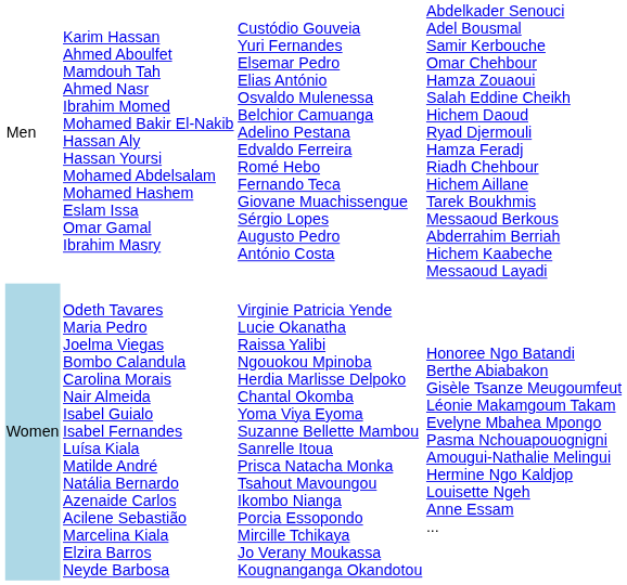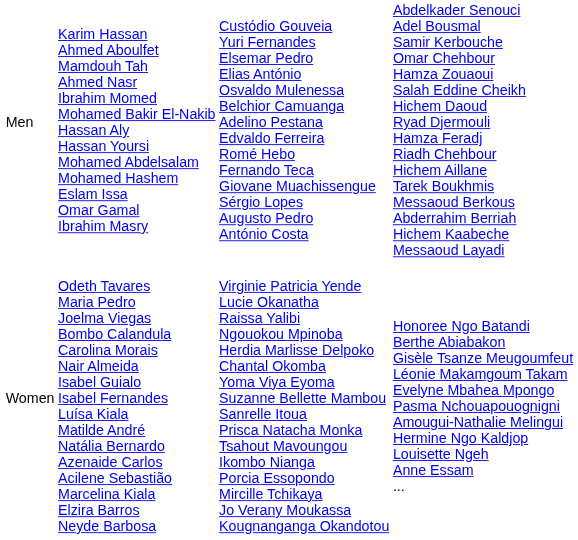 <table>
 <tr>
 <td>Men<br></td>
 <td><br><a href='#'>Karim Hassan</a><br><a href='#'>Ahmed Aboulfet</a><br><a href='#'>Mamdouh Tah</a><br><a href='#'>Ahmed Nasr</a><br><a href='#'>Ibrahim Momed</a><br><a href='#'>Mohamed Bakir El-Nakib</a><br><a href='#'>Hassan Aly</a><br><a href='#'>Hassan Yoursi</a><br><a href='#'>Mohamed Abdelsalam</a><br><a href='#'>Mohamed Hashem</a><br><a href='#'>Eslam Issa</a><br><a href='#'>Omar Gamal</a><br><a href='#'>Ibrahim Masry</a></td>
 <td><br><a href='#'>Custódio Gouveia</a><br><a href='#'>Yuri Fernandes</a><br><a href='#'>Elsemar Pedro</a><br><a href='#'>Elias António</a><br><a href='#'>Osvaldo Mulenessa</a><br><a href='#'>Belchior Camuanga</a><br><a href='#'>Adelino Pestana</a><br><a href='#'>Edvaldo Ferreira</a><br><a href='#'>Romé Hebo</a><br><a href='#'>Fernando Teca</a><br><a href='#'>Giovane Muachissengue</a><br><a href='#'>Sérgio Lopes</a><br><a href='#'>Augusto Pedro</a><br><a href='#'>António Costa</a></td>
 <td><br><a href='#'>Abdelkader Senouci</a><br><a href='#'>Adel Bousmal</a><br><a href='#'>Samir Kerbouche</a><br><a href='#'>Omar Chehbour</a><br><a href='#'>Hamza Zouaoui</a><br><a href='#'>Salah Eddine Cheikh</a><br><a href='#'>Hichem Daoud</a><br><a href='#'>Ryad Djermouli</a><br><a href='#'>Hamza Feradj</a><br><a href='#'>Riadh Chehbour</a><br><a href='#'>Hichem Aillane</a><br><a href='#'>Tarek Boukhmis</a><br><a href='#'>Messaoud Berkous</a><br><a href='#'>Abderrahim Berriah</a><br><a href='#'>Hichem Kaabeche</a><br><a href='#'>Messaoud Layadi</a></td>
 </tr>
 <tr>
-<td style="background: lightblue;">Women<br></td>
+<td>Women<br></td>
 <td><br><a href='#'>Odeth Tavares</a><br><a href='#'>Maria Pedro</a><br><a href='#'>Joelma Viegas</a><br><a href='#'>Bombo Calandula</a><br><a href='#'>Carolina Morais</a><br><a href='#'>Nair Almeida</a><br><a href='#'>Isabel Guialo</a><br><a href='#'>Isabel Fernandes</a><br><a href='#'>Luísa Kiala</a><br><a href='#'>Matilde André</a><br><a href='#'>Natália Bernardo</a><br><a href='#'>Azenaide Carlos</a><br><a href='#'>Acilene Sebastião</a><br><a href='#'>Marcelina Kiala</a><br><a href='#'>Elzira Barros</a><br><a href='#'>Neyde Barbosa</a></td>
 <td><br><a href='#'>Virginie Patricia Yende</a><br><a href='#'>Lucie Okanatha</a><br><a href='#'>Raissa Yalibi</a><br><a href='#'>Ngouokou Mpinoba</a><br><a href='#'>Herdia Marlisse Delpoko</a><br><a href='#'>Chantal Okomba</a><br><a href='#'>Yoma Viya Eyoma</a><br><a href='#'>Suzanne Bellette Mambou</a><br><a href='#'>Sanrelle Itoua</a><br><a href='#'>Prisca Natacha Monka</a><br><a href='#'>Tsahout Mavoungou</a><br><a href='#'>Ikombo Nianga</a><br><a href='#'>Porcia Essopondo</a><br><a href='#'>Mircille Tchikaya</a><br><a href='#'>Jo Verany Moukassa</a><br><a href='#'>Kougnanganga Okandotou</a></td>
 <td><br><a href='#'>Honoree Ngo Batandi</a><br><a href='#'>Berthe Abiabakon</a><br><a href='#'>Gisèle Tsanze Meugoumfeut</a><br><a href='#'>Léonie Makamgoum Takam</a><br><a href='#'>Evelyne Mbahea Mpongo</a><br><a href='#'>Pasma Nchouapouognigni</a><br><a href='#'>Amougui-Nathalie Melingui</a><br><a href='#'>Hermine Ngo Kaldjop</a><br><a href='#'>Louisette Ngeh</a><br><a href='#'>Anne Essam</a><br>...</td>
 </tr>
 </table>
